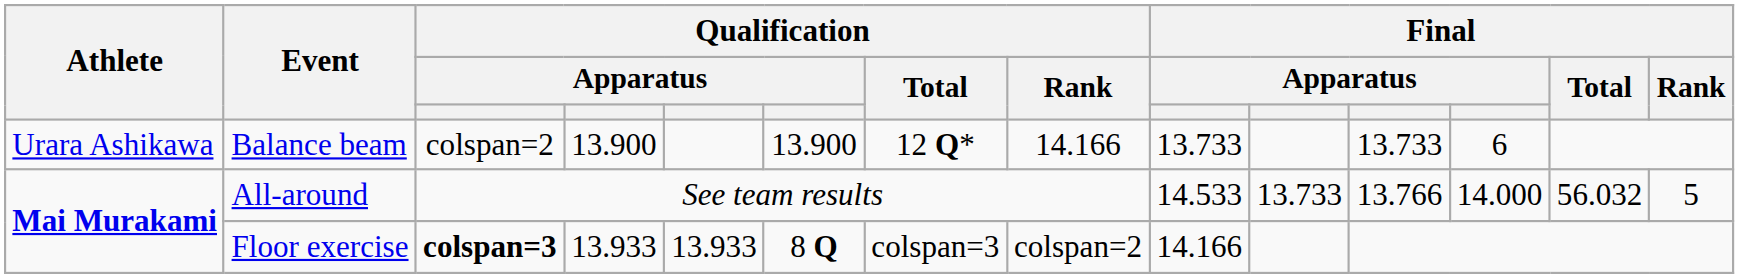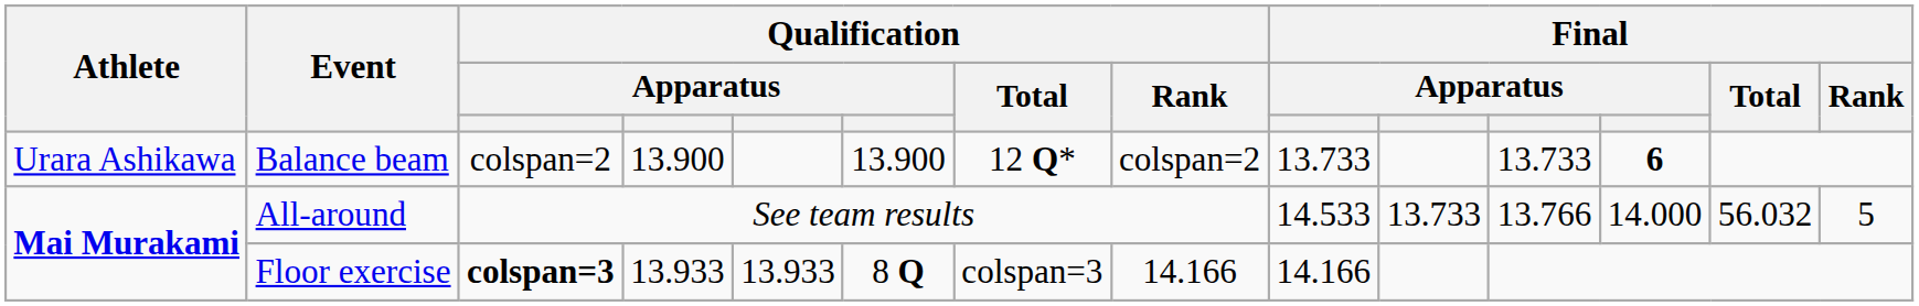 <table class="wikitable" style="font-size:90%">
 <tr>
 <th rowspan=3>Athlete</th>
 <th rowspan=3>Event</th>
 <th colspan=6>Qualification</th>
 <th colspan=6>Final</th>
 </tr>
 <tr style="font-size:95%">
 <th colspan=4>Apparatus</th>
 <th rowspan=2>Total</th>
 <th rowspan=2>Rank</th>
 <th colspan=4>Apparatus</th>
 <th rowspan=2>Total</th>
 <th rowspan=2>Rank</th>
 </tr>
 <tr style="font-size:95%">
 <th></th>
 <th></th>
 <th></th>
 <th></th>
 <th></th>
 <th></th>
 <th></th>
 <th></th>
 </tr>
 <tr align=center>
 <td align=left><a href='#'>Urara Ashikawa</a></td>
 <td align=left><a href='#'>Balance beam</a></td>
 <td>colspan=2 </td>
 <td>13.900</td>
 <td></td>
 <td>13.900</td>
 <td>12 <strong>Q</strong>*</td>
-<td>14.166</td>
+<td>colspan=2 </td>
 <td>13.733</td>
 <td></td>
 <td>13.733</td>
-<td>6</td>
+<td><strong>6</strong></td>
 </tr>
 <tr align=center>
 <td align=left rowspan=2><strong><a href='#'>Mai Murakami</a></strong></td>
 <td align=left><a href='#'>All-around</a></td>
 <td colspan=6><em>See team results</em></td>
 <td>14.533</td>
 <td>13.733</td>
 <td>13.766</td>
 <td>14.000</td>
 <td>56.032</td>
 <td>5</td>
 </tr>
 <tr align=center>
 <td align=left><a href='#'>Floor exercise</a></td>
 <td><strong>colspan=3 </strong></td>
 <td>13.933</td>
 <td>13.933</td>
 <td>8 <strong>Q</strong></td>
 <td>colspan=3 </td>
-<td>colspan=2 </td>
+<td>14.166</td>
 <td>14.166</td>
 <td></td>
 </tr>
 </table>
